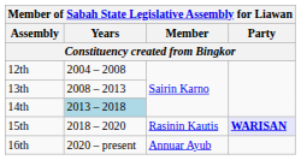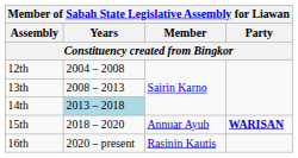 <table class="wikitable">
 <tr>
 <th colspan="4">Member of <a href='#'>Sabah State Legislative Assembly</a> for Liawan</th>
 </tr>
 <tr>
 <th>Assembly</th>
 <th>Years</th>
 <th>Member</th>
 <th>Party</th>
 </tr>
 <tr>
 <th colspan="4" align="center"><em>Constituency created from Bingkor</em></th>
 </tr>
 <tr>
 <td>12th</td>
 <td>2004 – 2008</td>
 <td rowspan="3"><a href='#'>Sairin Karno</a></td>
 <td rowspan="3"></td>
 </tr>
 <tr>
 <td>13th</td>
 <td>2008 – 2013</td>
 </tr>
 <tr>
 <td>14th</td>
 <td style="background: lightblue;">2013 – 2018</td>
 </tr>
 <tr>
 <td>15th</td>
 <td>2018 – 2020</td>
-<td><a href='#'>Rasinin Kautis</a></td>
-<td style="background: lavender;"><strong><a href='#'>WARISAN</a></strong></td>
+<td><a href='#'>Annuar Ayub</a></td>
+<td><strong><a href='#'>WARISAN</a></strong></td>
 </tr>
 <tr>
 <td>16th</td>
 <td>2020 – present</td>
-<td><a href='#'>Annuar Ayub</a></td>
+<td><a href='#'>Rasinin Kautis</a></td>
 <td></td>
 </tr>
 </table>
